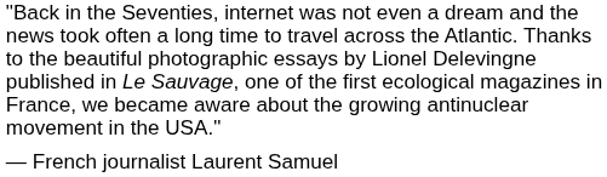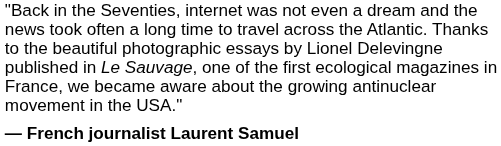 <table class="toccolours" style="float: right; margin-left: 1em; margin-right: 2em; font-size: 85%; background:offwhite; color:black; width:30em; max-width: 40%;" cellspacing="5">
 <tr>
 <td></td>
 </tr>
 <tr>
 <td></td>
 </tr>
 <tr>
 <td style="text-align: left;">"Back in the Seventies, internet was not even a dream and the news took often a long time to travel across the Atlantic. Thanks to the beautiful photographic essays by Lionel Delevingne published in <em>Le Sauvage</em>, one of the first ecological magazines in France, we became aware about the growing antinuclear movement in the USA."</td>
 </tr>
 <tr>
-<td style="text-align: left;">— French journalist Laurent Samuel</td>
+<td style="text-align: left;"><strong>— French journalist Laurent Samuel</strong></td>
 </tr>
 </table>
